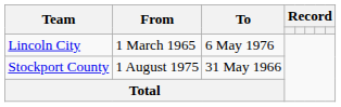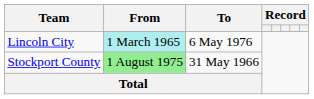 <table class="wikitable" style="text-align: center">
 <tr>
 <th rowspan=2>Team</th>
 <th rowspan=2>From</th>
 <th rowspan=2>To</th>
 <th colspan=5>Record</th>
 </tr>
 <tr>
 <th></th>
 <th></th>
 <th></th>
 <th></th>
 <th></th>
 </tr>
 <tr>
 <td align=left><a href='#'>Lincoln City</a></td>
-<td align=left>1 March 1965</td>
+<td align=left style="background: paleturquoise;">1 March 1965</td>
 <td align=left>6 May 1976<br></td>
 </tr>
 <tr>
 <td align=left><a href='#'>Stockport County</a></td>
-<td align=left>1 August 1975</td>
+<td align=left style="background: lightgreen;">1 August 1975</td>
 <td align=left>31 May 1966<br></td>
 </tr>
 <tr>
 <th colspan="3">Total<br></th>
 </tr>
 </table>
